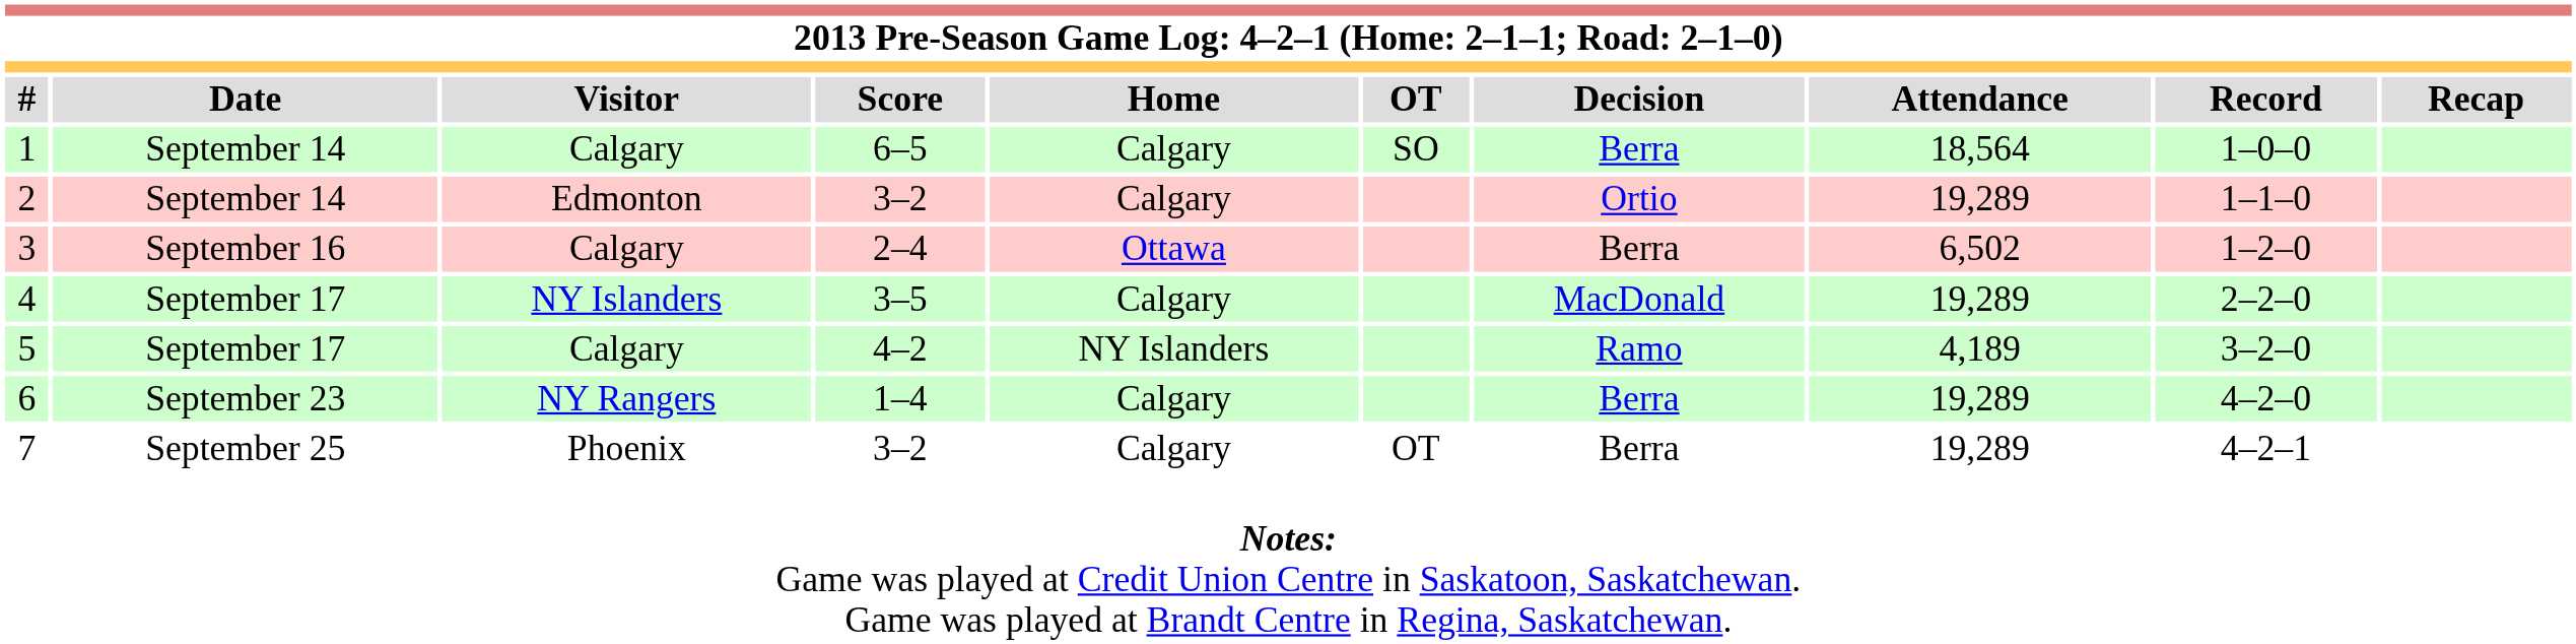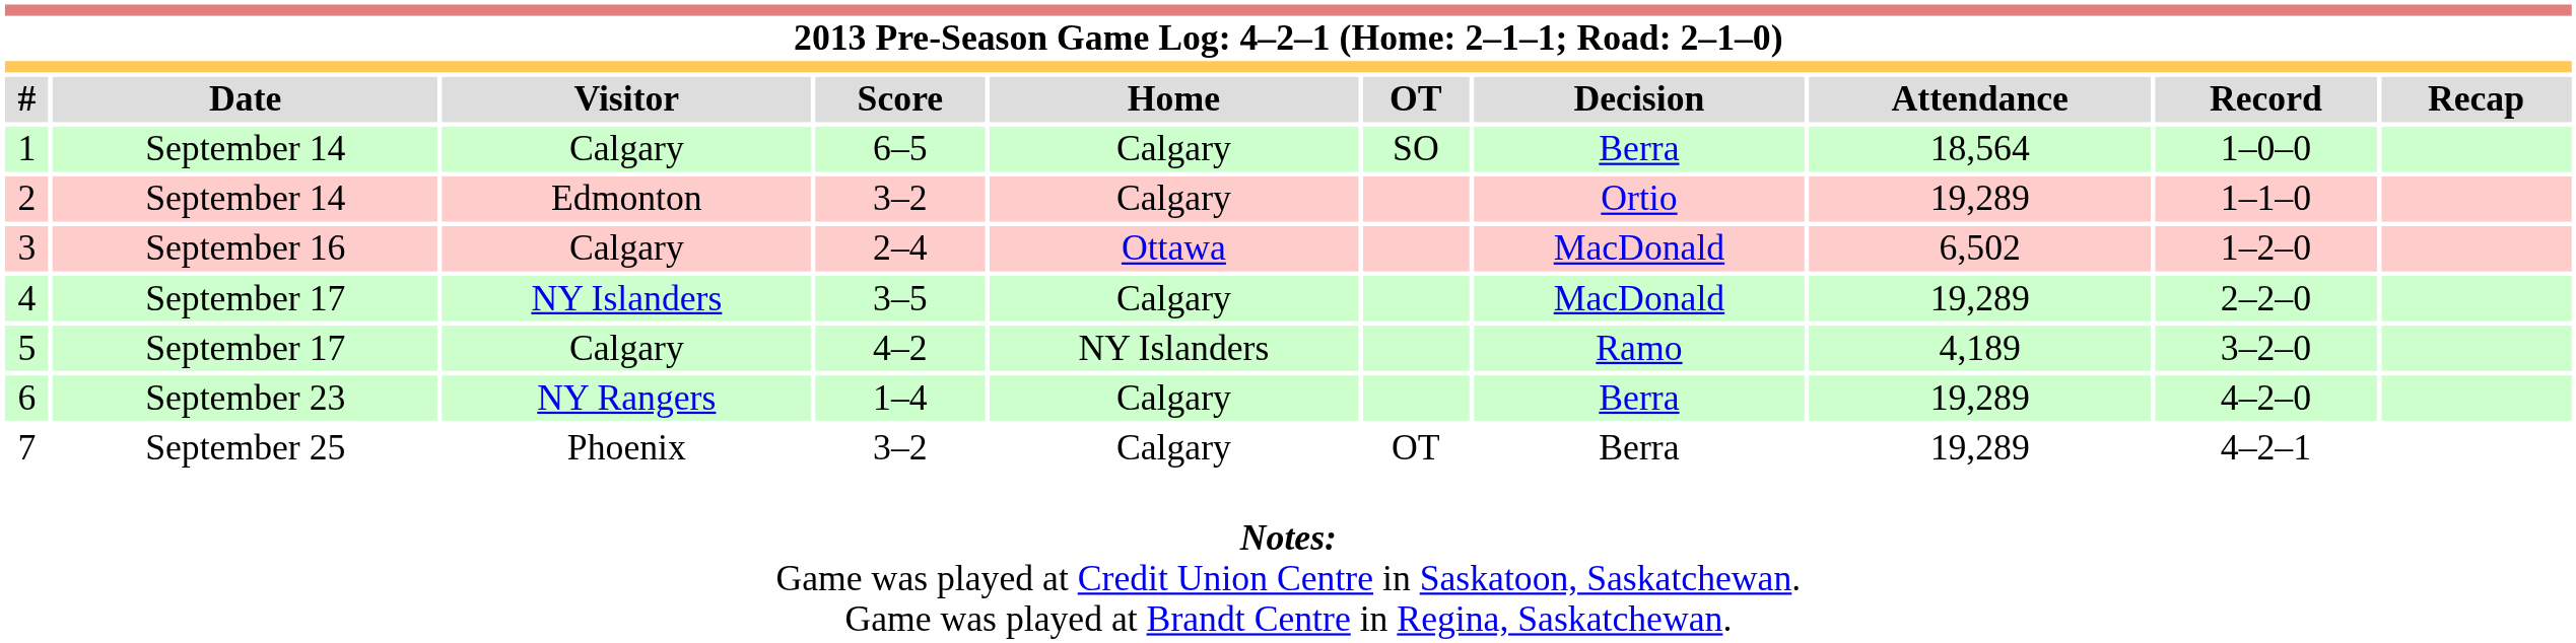 <table class="toccolours collapsible collapsed"  style="width:90%; clear:both; margin:1.5em auto; text-align:center;">
 <tr>
 <th colspan=10 style="background:#fff; border-top:#e17e7e 5px solid; border-bottom:#FFC859 5px solid;">2013 Pre-Season Game Log: 4–2–1 (Home: 2–1–1; Road: 2–1–0)</th>
 </tr>
 <tr style="text-align:center; background:#ddd;">
 <th>#</th>
 <th>Date</th>
 <th>Visitor</th>
 <th>Score</th>
 <th>Home</th>
 <th>OT</th>
 <th>Decision</th>
 <th>Attendance</th>
 <th>Record</th>
 <th>Recap</th>
 </tr>
 <tr style="text-align:center; background:#cfc;">
 <td>1</td>
 <td>September 14</td>
 <td>Calgary</td>
 <td>6–5</td>
 <td>Calgary</td>
 <td>SO</td>
 <td><a href='#'>Berra</a></td>
 <td>18,564</td>
 <td>1–0–0</td>
 <td></td>
 </tr>
 <tr style="text-align:center; background:#fcc;">
 <td>2</td>
 <td>September 14</td>
 <td>Edmonton</td>
 <td>3–2</td>
 <td>Calgary</td>
 <td></td>
 <td><a href='#'>Ortio</a></td>
 <td>19,289</td>
 <td>1–1–0</td>
 <td></td>
 </tr>
 <tr style="text-align:center; background:#fcc;">
 <td>3</td>
 <td>September 16</td>
 <td>Calgary</td>
 <td>2–4</td>
 <td><a href='#'>Ottawa</a></td>
 <td></td>
-<td>Berra</td>
+<td><a href='#'>MacDonald</a></td>
 <td>6,502</td>
 <td>1–2–0</td>
 <td></td>
 </tr>
 <tr style="text-align:center; background:#cfc;">
 <td>4</td>
 <td>September 17</td>
 <td><a href='#'>NY Islanders</a></td>
 <td>3–5</td>
 <td>Calgary</td>
 <td></td>
 <td><a href='#'>MacDonald</a></td>
 <td>19,289</td>
 <td>2–2–0</td>
 <td></td>
 </tr>
 <tr style="text-align:center; background:#cfc;">
 <td>5</td>
 <td>September 17</td>
 <td>Calgary</td>
 <td>4–2</td>
 <td>NY Islanders</td>
 <td></td>
 <td><a href='#'>Ramo</a></td>
 <td>4,189</td>
 <td>3–2–0</td>
 <td></td>
 </tr>
 <tr style="text-align:center; background:#cfc;">
 <td>6</td>
 <td>September 23</td>
 <td><a href='#'>NY Rangers</a></td>
 <td>1–4</td>
 <td>Calgary</td>
 <td></td>
 <td><a href='#'>Berra</a></td>
 <td>19,289</td>
 <td>4–2–0</td>
 <td></td>
 </tr>
 <tr style="text-align:center; background:#fff;">
 <td>7</td>
 <td>September 25</td>
 <td>Phoenix</td>
 <td>3–2</td>
 <td>Calgary</td>
 <td>OT</td>
 <td>Berra</td>
 <td>19,289</td>
 <td>4–2–1</td>
 <td></td>
 </tr>
 <tr>
 <td colspan="10" style="text-align:center;"><br><strong><em>Notes:</em></strong><br> Game was played at <a href='#'>Credit Union Centre</a> in <a href='#'>Saskatoon, Saskatchewan</a>.<br> Game was played at <a href='#'>Brandt Centre</a> in <a href='#'>Regina, Saskatchewan</a>.</td>
 </tr>
 </table>
